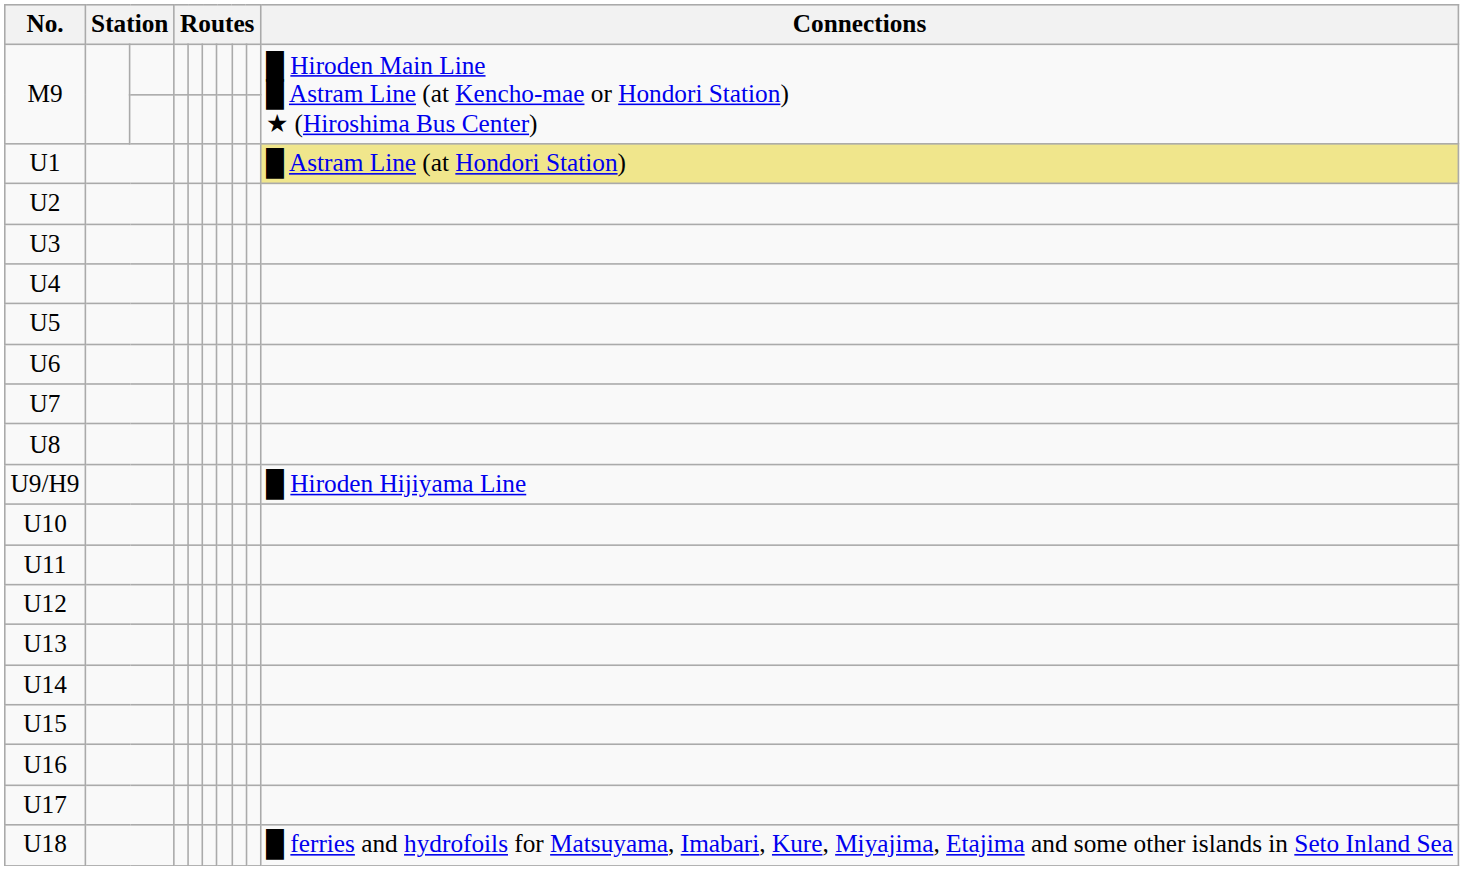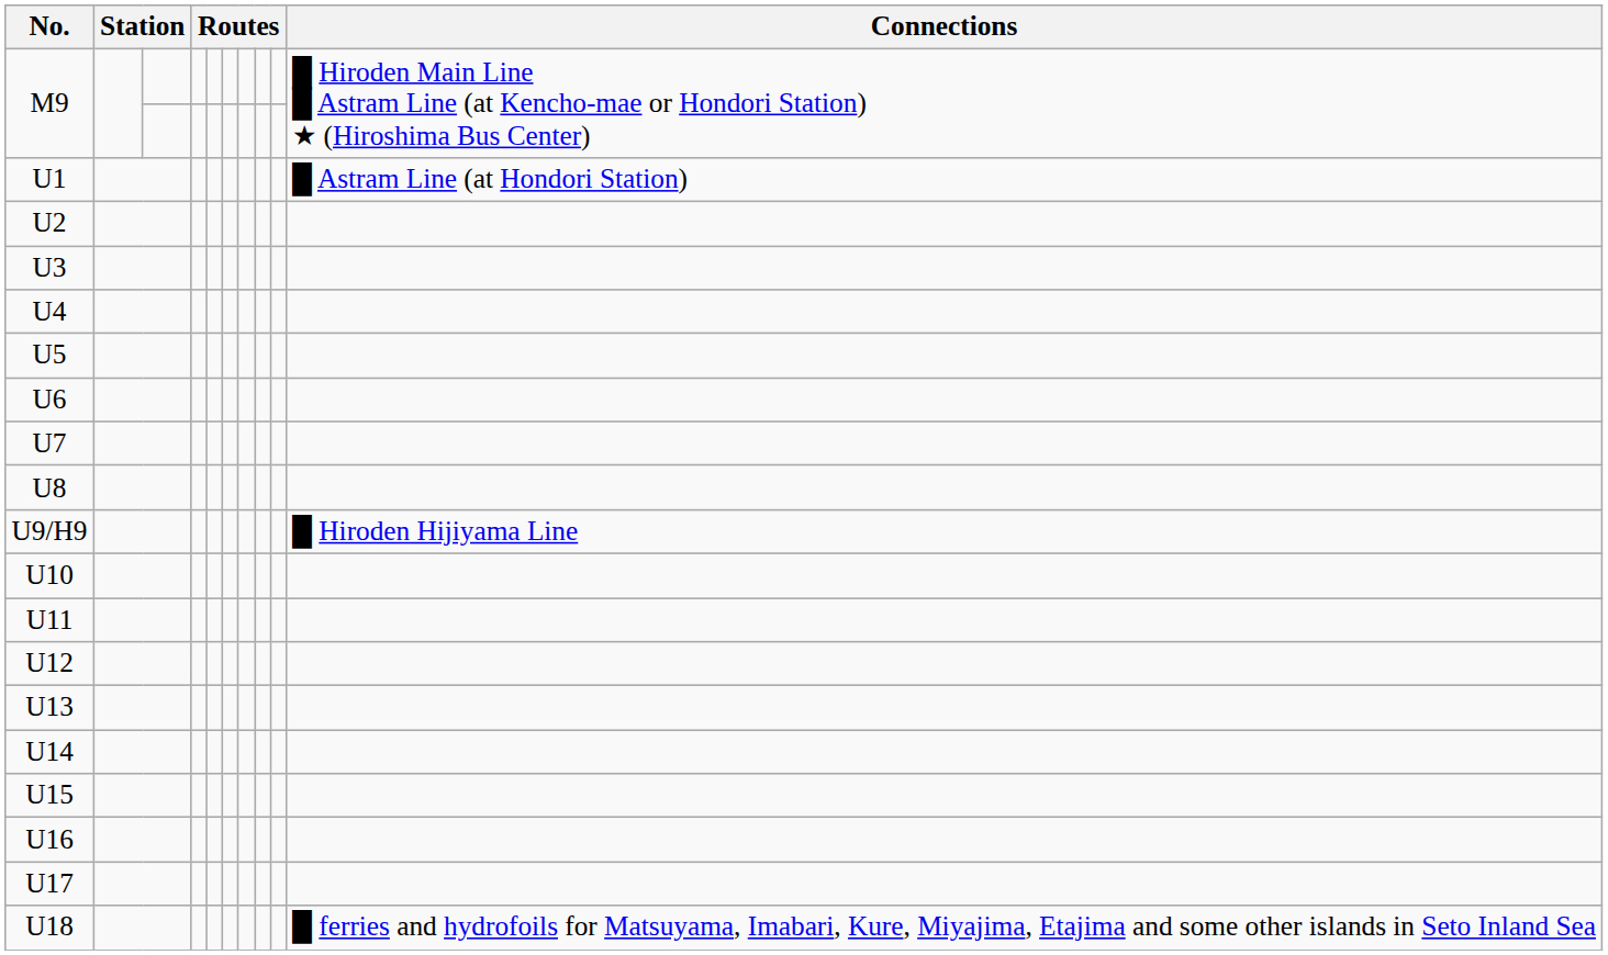 <table class="wikitable">
 <tr>
 <th scope="col">No.</th>
 <th scope="col" colspan=2>Station</th>
 <th scope="col" colspan="6">Routes</th>
 <th scope="col">Connections</th>
 </tr>
 <tr align=center>
 <td rowspan=2>M9</td>
 <td rowspan=2 align="left"></td>
 <td align="left"></td>
 <td></td>
 <td></td>
 <td></td>
 <td></td>
 <td></td>
 <td></td>
 <td align="left" rowspan="2"><span>█</span> <a href='#'>Hiroden Main Line</a><br><span>█</span> <a href='#'>Astram Line</a> (at <a href='#'>Kencho-mae</a> or <a href='#'>Hondori Station</a>)<br><span>★</span> (<a href='#'>Hiroshima Bus Center</a>)</td>
 </tr>
 <tr align=center>
 <td align="left"></td>
 <td></td>
 <td></td>
 <td></td>
 <td></td>
 <td></td>
 <td></td>
 </tr>
 <tr align=center>
 <td>U1</td>
 <td align="left" colspan=2></td>
 <td></td>
 <td></td>
 <td></td>
 <td></td>
 <td></td>
 <td></td>
-<td align="left" style="background: khaki;"><span>█</span> <a href='#'>Astram Line</a> (at <a href='#'>Hondori Station</a>)</td>
+<td align="left"><span>█</span> <a href='#'>Astram Line</a> (at <a href='#'>Hondori Station</a>)</td>
 </tr>
 <tr align=center>
 <td>U2</td>
 <td align="left" colspan=2></td>
 <td></td>
 <td></td>
 <td></td>
 <td></td>
 <td></td>
 <td></td>
 <td></td>
 </tr>
 <tr align=center>
 <td>U3</td>
 <td align="left" colspan=2></td>
 <td></td>
 <td></td>
 <td></td>
 <td></td>
 <td></td>
 <td></td>
 <td></td>
 </tr>
 <tr align=center>
 <td>U4</td>
 <td align="left" colspan=2></td>
 <td></td>
 <td></td>
 <td></td>
 <td></td>
 <td></td>
 <td></td>
 <td></td>
 </tr>
 <tr align=center>
 <td>U5</td>
 <td align="left" colspan=2></td>
 <td></td>
 <td></td>
 <td></td>
 <td></td>
 <td></td>
 <td></td>
 <td></td>
 </tr>
 <tr align=center>
 <td>U6</td>
 <td align="left" colspan=2></td>
 <td></td>
 <td></td>
 <td></td>
 <td></td>
 <td></td>
 <td></td>
 <td></td>
 </tr>
 <tr align=center>
 <td>U7</td>
 <td align="left" colspan=2></td>
 <td></td>
 <td></td>
 <td></td>
 <td></td>
 <td></td>
 <td></td>
 <td></td>
 </tr>
 <tr align=center>
 <td>U8</td>
 <td align="left" colspan=2></td>
 <td></td>
 <td></td>
 <td></td>
 <td></td>
 <td></td>
 <td></td>
 <td></td>
 </tr>
 <tr align=center>
 <td>U9/H9</td>
 <td align="left" colspan=2></td>
 <td></td>
 <td></td>
 <td></td>
 <td></td>
 <td></td>
 <td></td>
 <td align="left" colspan=2><span>█</span> <a href='#'>Hiroden Hijiyama Line</a></td>
 </tr>
 <tr align=center>
 <td>U10</td>
 <td align="left" colspan=2></td>
 <td></td>
 <td></td>
 <td></td>
 <td></td>
 <td></td>
 <td></td>
 <td></td>
 </tr>
 <tr align=center>
 <td>U11</td>
 <td align="left" colspan=2></td>
 <td></td>
 <td></td>
 <td></td>
 <td></td>
 <td></td>
 <td></td>
 <td></td>
 </tr>
 <tr align=center>
 <td>U12</td>
 <td align="left" colspan=2></td>
 <td></td>
 <td></td>
 <td></td>
 <td></td>
 <td></td>
 <td></td>
 <td></td>
 </tr>
 <tr align=center>
 <td>U13</td>
 <td align="left" colspan=2></td>
 <td></td>
 <td></td>
 <td></td>
 <td></td>
 <td></td>
 <td></td>
 <td></td>
 </tr>
 <tr align=center>
 <td>U14</td>
 <td align="left" colspan=2></td>
 <td></td>
 <td></td>
 <td></td>
 <td></td>
 <td></td>
 <td></td>
 <td></td>
 </tr>
 <tr align=center>
 <td>U15</td>
 <td align="left" colspan=2></td>
 <td></td>
 <td></td>
 <td></td>
 <td></td>
 <td></td>
 <td></td>
 <td></td>
 </tr>
 <tr align=center>
 <td>U16</td>
 <td align="left" colspan=2></td>
 <td></td>
 <td></td>
 <td></td>
 <td></td>
 <td></td>
 <td></td>
 <td></td>
 </tr>
 <tr align=center>
 <td>U17</td>
 <td align="left" colspan=2></td>
 <td></td>
 <td></td>
 <td></td>
 <td></td>
 <td></td>
 <td></td>
 <td></td>
 </tr>
 <tr align=center>
 <td>U18</td>
 <td align="left" colspan=2></td>
 <td></td>
 <td></td>
 <td></td>
 <td></td>
 <td></td>
 <td></td>
 <td align="left" colspan=2><span>█</span> <a href='#'>ferries</a> and <a href='#'>hydrofoils</a> for <a href='#'>Matsuyama</a>, <a href='#'>Imabari</a>, <a href='#'>Kure</a>, <a href='#'>Miyajima</a>, <a href='#'>Etajima</a> and some other islands in <a href='#'>Seto Inland Sea</a></td>
 </tr>
 </table>
